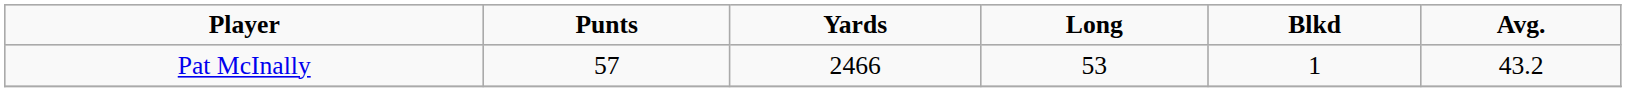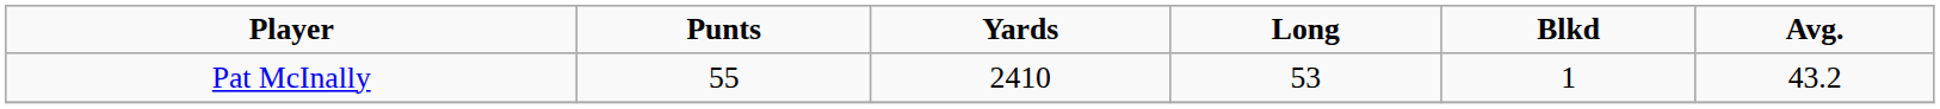 <table class="wikitable" width="80%">
 <tr align="center">
 <td><strong>Player</strong></td>
 <td><strong>Punts</strong></td>
 <td><strong>Yards</strong></td>
 <td><strong>Long</strong></td>
 <td><strong>Blkd</strong></td>
 <td><strong>Avg.</strong></td>
 </tr>
 <tr align="center" bgcolor="">
 <td><a href='#'>Pat McInally</a></td>
-<td>57</td>
-<td>2466</td>
+<td>55</td>
+<td>2410</td>
 <td>53</td>
 <td>1</td>
 <td>43.2</td>
 </tr>
 <tr align="center" bgcolor="">
 </tr>
 </table>
